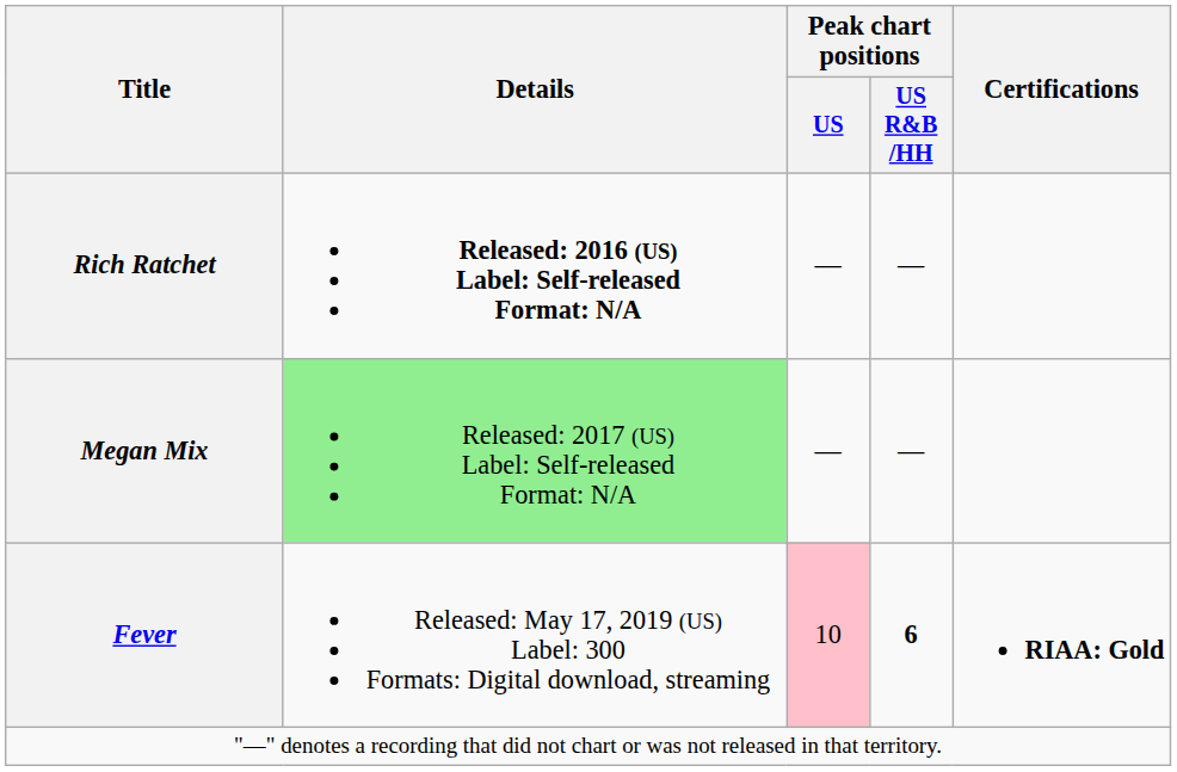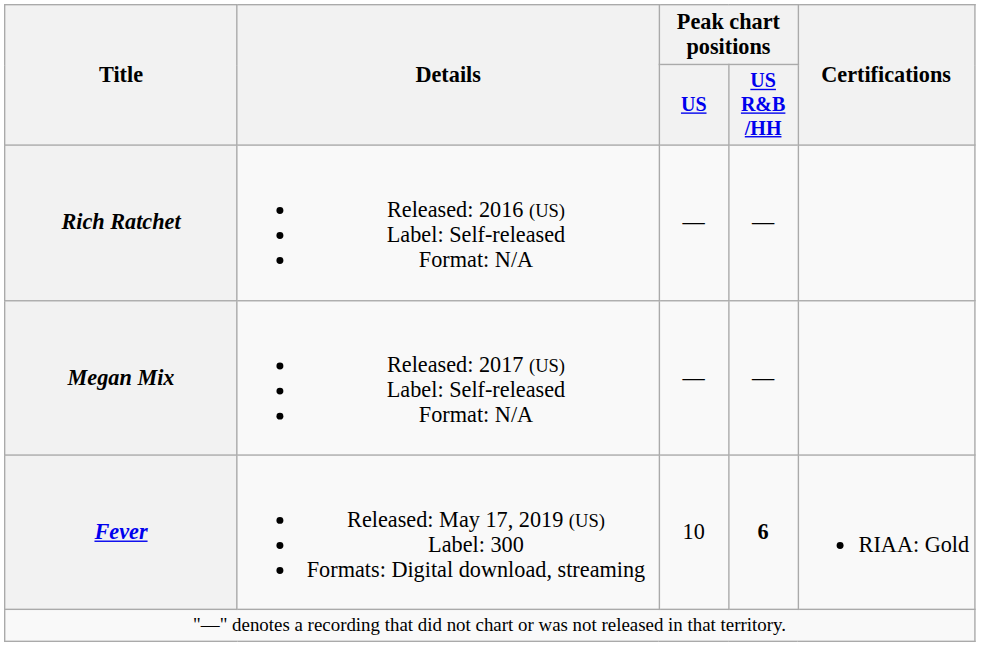 <table class="wikitable plainrowheaders" style="text-align:center">
 <tr>
 <th scope="col" rowspan="2" style="width:10em">Title</th>
 <th scope="col" rowspan="2" style="width:18.5em">Details</th>
 <th scope="col" colspan="2">Peak chart positions</th>
 <th scope="col" rowspan="2">Certifications</th>
 </tr>
 <tr>
 <th scope="col" style="width:3em;font-size:90%;"><a href='#'>US</a><br></th>
 <th scope="col" style="width:3em;font-size:90%;"><a href='#'>US<br>R&B<br>/HH</a><br></th>
 </tr>
 <tr>
 <th scope="row"><em>Rich Ratchet</em></th>
-<td><strong><br><ul><li>Released: 2016 <small>(US)</small></li><li>Label: Self-released</li><li>Format: N/A</li></ul></strong></td>
+<td><br><ul><li>Released: 2016 <small>(US)</small></li><li>Label: Self-released</li><li>Format: N/A</li></ul></td>
 <td>—</td>
 <td>—</td>
 <td></td>
 </tr>
 <tr>
 <th scope="row"><em>Megan Mix</em></th>
-<td style="background: lightgreen;"><br><ul><li>Released: 2017 <small>(US)</small></li><li>Label: Self-released</li><li>Format: N/A</li></ul></td>
+<td><br><ul><li>Released: 2017 <small>(US)</small></li><li>Label: Self-released</li><li>Format: N/A</li></ul></td>
 <td>—</td>
 <td>—</td>
 <td></td>
 </tr>
 <tr>
 <th scope="row"><em><a href='#'>Fever</a></em></th>
 <td><br><ul><li>Released: May 17, 2019 <small>(US)</small></li><li>Label: 300</li><li>Formats: Digital download, streaming</li></ul></td>
-<td style="background: pink;">10</td>
+<td>10</td>
 <td><strong>6</strong></td>
-<td><strong><br><ul><li>RIAA: Gold</li></ul></strong></td>
+<td><br><ul><li>RIAA: Gold</li></ul></td>
 </tr>
 <tr>
 <td colspan="8" style="font-size:85%">"—" denotes a recording that did not chart or was not released in that territory.</td>
 </tr>
 </table>
